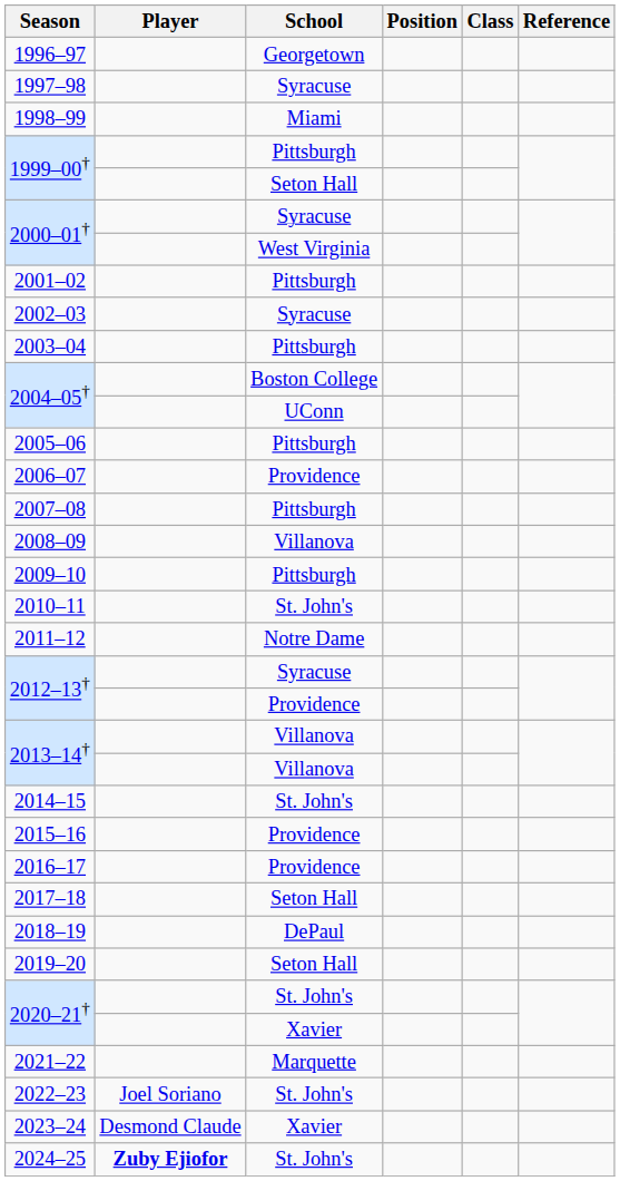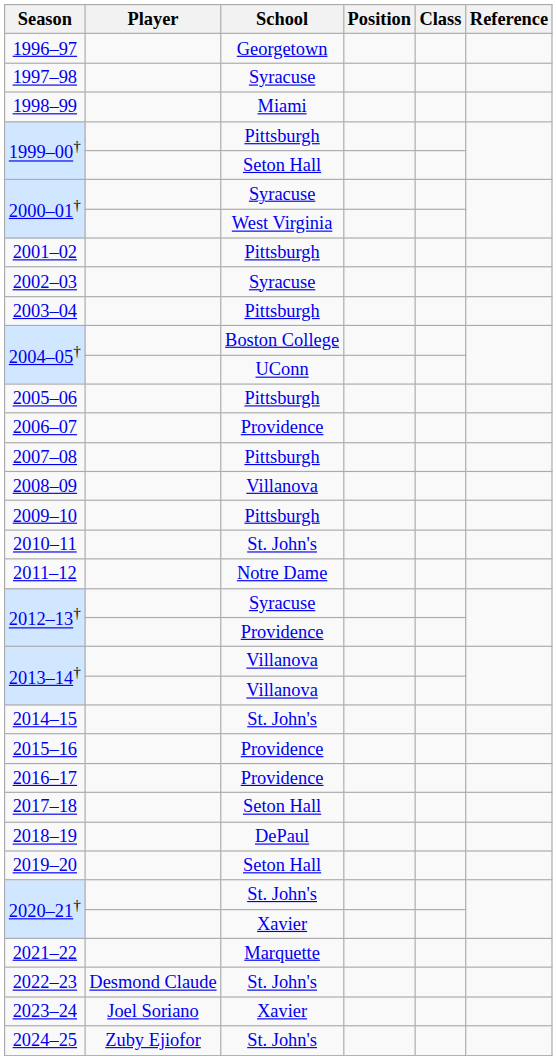 <table class="wikitable sortable">
 <tr>
 <th>Season</th>
 <th>Player</th>
 <th>School</th>
 <th>Position</th>
 <th>Class</th>
 <th>Reference</th>
 </tr>
 <tr align=center>
 <td><a href='#'>1996–97</a></td>
 <td></td>
 <td><a href='#'>Georgetown</a></td>
 <td></td>
 <td></td>
 <td></td>
 </tr>
 <tr align=center>
 <td><a href='#'>1997–98</a></td>
 <td></td>
 <td><a href='#'>Syracuse</a></td>
 <td></td>
 <td></td>
 <td></td>
 </tr>
 <tr align=center>
 <td><a href='#'>1998–99</a></td>
 <td></td>
 <td><a href='#'>Miami</a></td>
 <td></td>
 <td></td>
 <td></td>
 </tr>
 <tr align=center>
 <td rowspan=2; style="background-color:#D0E7FF;"><a href='#'>1999–00</a><sup>†</sup></td>
 <td></td>
 <td><a href='#'>Pittsburgh</a></td>
 <td></td>
 <td></td>
 <td rowspan=2;></td>
 </tr>
 <tr align=center>
 <td></td>
 <td><a href='#'>Seton Hall</a></td>
 <td></td>
 <td></td>
 </tr>
 <tr align=center>
 <td rowspan=2; style="background-color:#D0E7FF;"><a href='#'>2000–01</a><sup>†</sup></td>
 <td></td>
 <td><a href='#'>Syracuse</a></td>
 <td></td>
 <td></td>
 <td rowspan=2;></td>
 </tr>
 <tr align=center>
 <td></td>
 <td><a href='#'>West Virginia</a></td>
 <td></td>
 <td></td>
 </tr>
 <tr align=center>
 <td><a href='#'>2001–02</a></td>
 <td></td>
 <td><a href='#'>Pittsburgh</a></td>
 <td></td>
 <td></td>
 <td></td>
 </tr>
 <tr align=center>
 <td><a href='#'>2002–03</a></td>
 <td></td>
 <td><a href='#'>Syracuse</a></td>
 <td></td>
 <td></td>
 <td></td>
 </tr>
 <tr align=center>
 <td><a href='#'>2003–04</a></td>
 <td></td>
 <td><a href='#'>Pittsburgh</a></td>
 <td></td>
 <td></td>
 <td></td>
 </tr>
 <tr align=center>
 <td rowspan=2; style="background-color:#D0E7FF;"><a href='#'>2004–05</a><sup>†</sup></td>
 <td></td>
 <td><a href='#'>Boston College</a></td>
 <td></td>
 <td></td>
 <td rowspan=2;></td>
 </tr>
 <tr align=center>
 <td></td>
 <td><a href='#'>UConn</a></td>
 <td></td>
 <td></td>
 </tr>
 <tr align=center>
 <td><a href='#'>2005–06</a></td>
 <td></td>
 <td><a href='#'>Pittsburgh</a></td>
 <td></td>
 <td></td>
 <td></td>
 </tr>
 <tr align=center>
 <td><a href='#'>2006–07</a></td>
 <td></td>
 <td><a href='#'>Providence</a></td>
 <td></td>
 <td></td>
 <td></td>
 </tr>
 <tr align=center>
 <td><a href='#'>2007–08</a></td>
 <td></td>
 <td><a href='#'>Pittsburgh</a></td>
 <td></td>
 <td></td>
 <td></td>
 </tr>
 <tr align=center>
 <td><a href='#'>2008–09</a></td>
 <td></td>
 <td><a href='#'>Villanova</a></td>
 <td></td>
 <td></td>
 <td></td>
 </tr>
 <tr align=center>
 <td><a href='#'>2009–10</a></td>
 <td></td>
 <td><a href='#'>Pittsburgh</a></td>
 <td></td>
 <td></td>
 <td></td>
 </tr>
 <tr align=center>
 <td><a href='#'>2010–11</a></td>
 <td></td>
 <td><a href='#'>St. John's</a></td>
 <td></td>
 <td></td>
 <td></td>
 </tr>
 <tr align=center>
 <td><a href='#'>2011–12</a></td>
 <td></td>
 <td><a href='#'>Notre Dame</a></td>
 <td></td>
 <td></td>
 <td></td>
 </tr>
 <tr align=center>
 <td rowspan=2; style="background-color:#D0E7FF;"><a href='#'>2012–13</a><sup>†</sup></td>
 <td></td>
 <td><a href='#'>Syracuse</a></td>
 <td></td>
 <td></td>
 <td rowspan=2;></td>
 </tr>
 <tr align=center>
 <td></td>
 <td><a href='#'>Providence</a></td>
 <td></td>
 <td></td>
 </tr>
 <tr align=center>
 <td rowspan=2; style="background-color:#D0E7FF;"><a href='#'>2013–14</a><sup>†</sup></td>
 <td></td>
 <td><a href='#'>Villanova</a></td>
 <td></td>
 <td></td>
 <td rowspan=2;></td>
 </tr>
 <tr align=center>
 <td></td>
 <td><a href='#'>Villanova</a></td>
 <td></td>
 <td></td>
 </tr>
 <tr align=center>
 <td><a href='#'>2014–15</a></td>
 <td></td>
 <td><a href='#'>St. John's</a></td>
 <td></td>
 <td></td>
 <td></td>
 </tr>
 <tr align=center>
 <td><a href='#'>2015–16</a></td>
 <td></td>
 <td><a href='#'>Providence</a></td>
 <td></td>
 <td></td>
 <td></td>
 </tr>
 <tr align=center>
 <td><a href='#'>2016–17</a></td>
 <td></td>
 <td><a href='#'>Providence</a></td>
 <td></td>
 <td></td>
 <td></td>
 </tr>
 <tr align=center>
 <td><a href='#'>2017–18</a></td>
 <td></td>
 <td><a href='#'>Seton Hall</a></td>
 <td></td>
 <td></td>
 <td></td>
 </tr>
 <tr align=center>
 <td><a href='#'>2018–19</a></td>
 <td></td>
 <td><a href='#'>DePaul</a></td>
 <td></td>
 <td></td>
 <td></td>
 </tr>
 <tr align=center>
 <td><a href='#'>2019–20</a></td>
 <td></td>
 <td><a href='#'>Seton Hall</a></td>
 <td></td>
 <td></td>
 <td></td>
 </tr>
 <tr align=center>
 <td rowspan=2; style="background-color:#D0E7FF;"><a href='#'>2020–21</a><sup>†</sup></td>
 <td></td>
 <td><a href='#'>St. John's</a></td>
 <td></td>
 <td></td>
 <td rowspan=2;></td>
 </tr>
 <tr align=center>
 <td></td>
 <td><a href='#'>Xavier</a></td>
 <td></td>
 <td></td>
 </tr>
 <tr align=center>
 <td><a href='#'>2021–22</a></td>
 <td></td>
 <td><a href='#'>Marquette</a></td>
 <td></td>
 <td></td>
 <td></td>
 </tr>
 <tr align=center>
 <td><a href='#'>2022–23</a></td>
-<td><a href='#'>Joel Soriano</a></td>
+<td><a href='#'>Desmond Claude</a></td>
 <td><a href='#'>St. John's</a></td>
 <td></td>
 <td></td>
 <td></td>
 </tr>
 <tr align=center>
 <td><a href='#'>2023–24</a></td>
-<td><a href='#'>Desmond Claude</a></td>
+<td><a href='#'>Joel Soriano</a></td>
 <td><a href='#'>Xavier</a></td>
 <td></td>
 <td></td>
 <td></td>
 </tr>
 <tr align=center>
 <td><a href='#'>2024–25</a></td>
-<td><strong><a href='#'>Zuby Ejiofor</a></strong></td>
+<td><a href='#'>Zuby Ejiofor</a></td>
 <td><a href='#'>St. John's</a></td>
 <td></td>
 <td></td>
 <td></td>
 </tr>
 </table>
